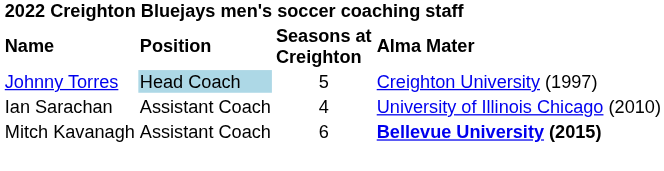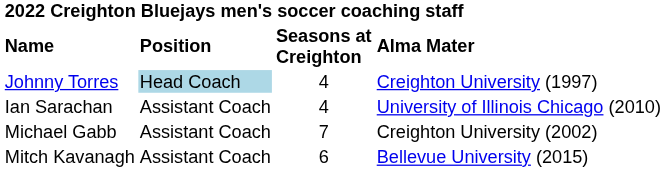 <table class="toccolours" style="text-align: left; font-size:90%;">
 <tr>
 <th colspan="4">2022 Creighton Bluejays men's soccer coaching staff</th>
 </tr>
 <tr>
 <th>Name</th>
 <th>Position</th>
 <th>Seasons at<br>Creighton</th>
 <th>Alma Mater</th>
 </tr>
 <tr>
 <td><a href='#'>Johnny Torres</a></td>
 <td style="background: lightblue;">Head Coach</td>
-<td align=center>5</td>
+<td align=center>4</td>
 <td><a href='#'>Creighton University</a> (1997)</td>
 </tr>
 <tr>
 <td>Ian Sarachan</td>
 <td>Assistant Coach</td>
 <td align=center>4</td>
 <td><a href='#'>University of Illinois Chicago</a> (2010)</td>
 </tr>
 <tr>
+<td>Michael Gabb</td>
+<td>Assistant Coach</td>
+<td align=center>7</td>
+<td>Creighton University (2002)</td>
+</tr>
+<tr>
 <td>Mitch Kavanagh</td>
 <td>Assistant Coach</td>
 <td align=center>6</td>
-<td><strong><a href='#'>Bellevue University</a> (2015)</strong></td>
+<td><a href='#'>Bellevue University</a> (2015)</td>
 </tr>
 </table>
